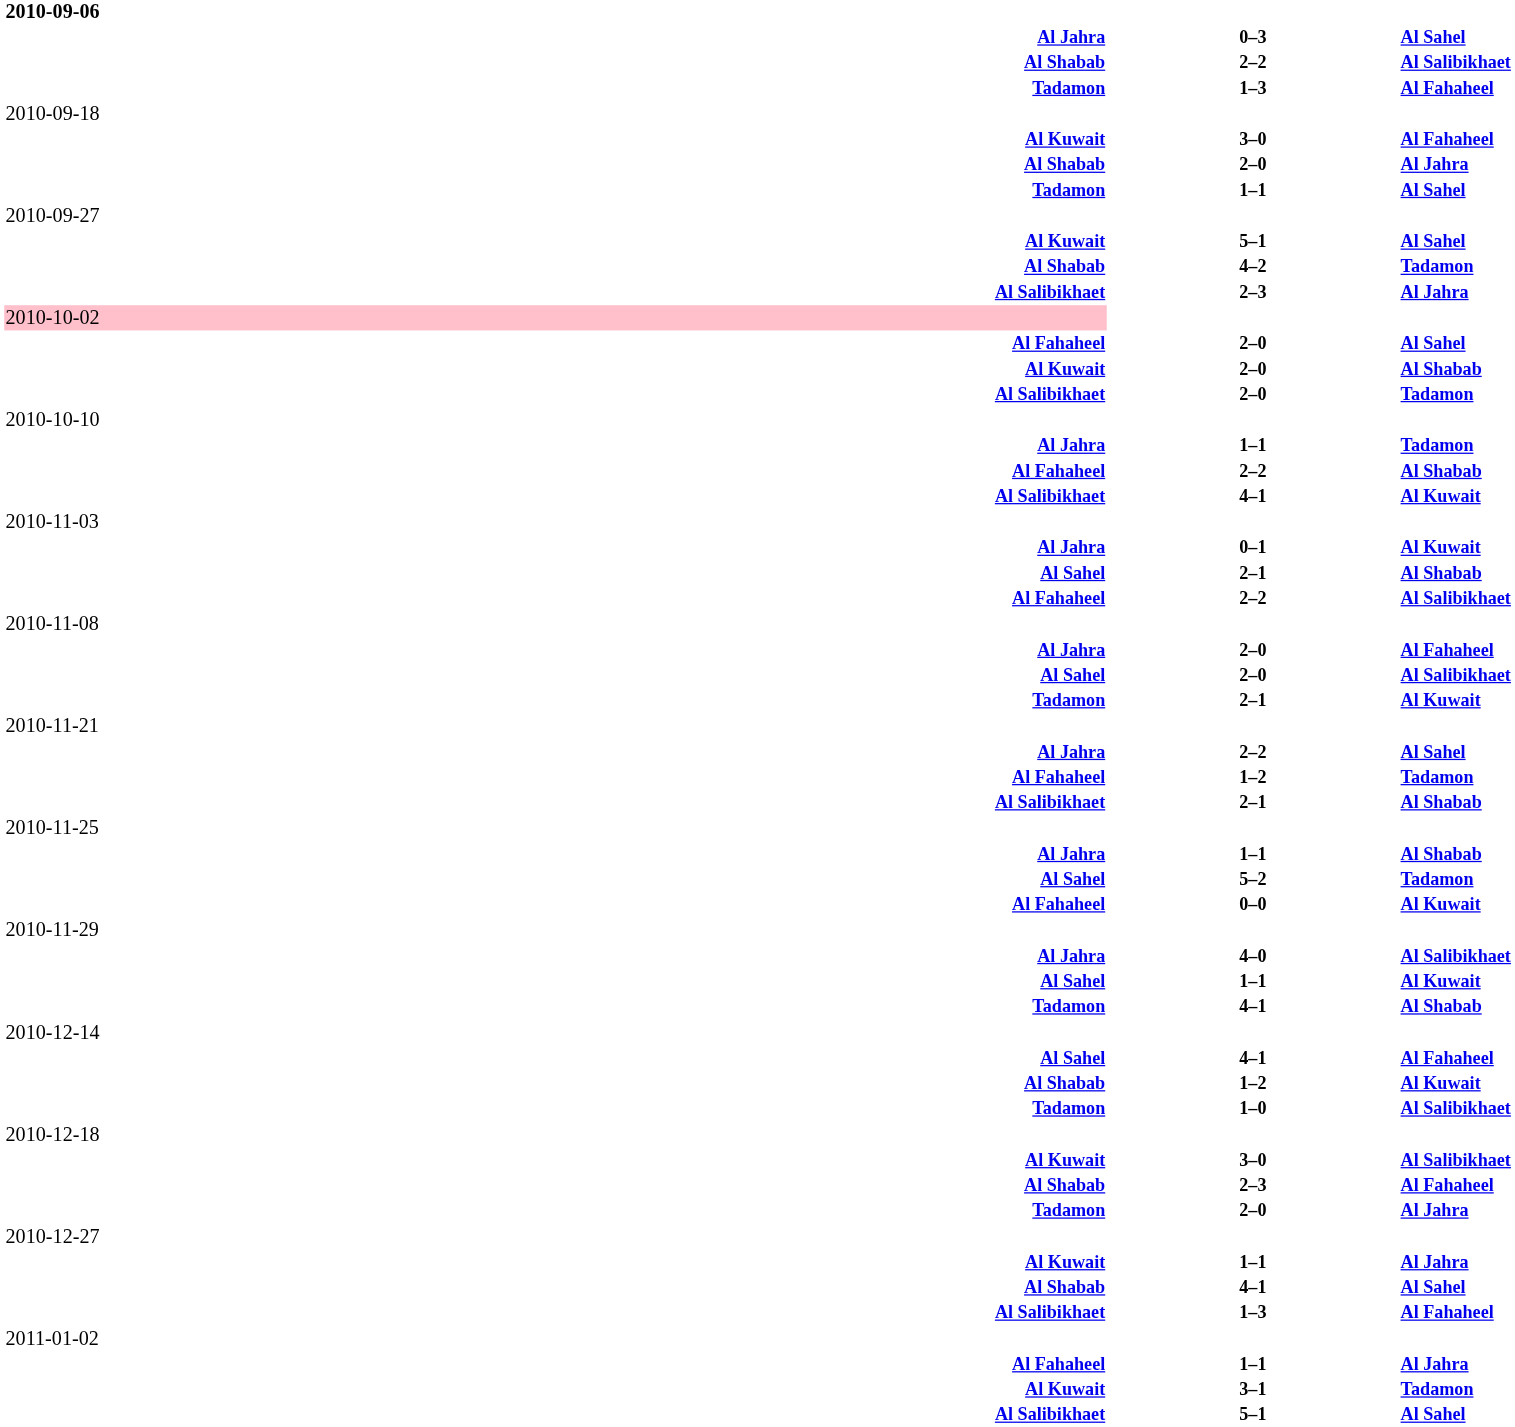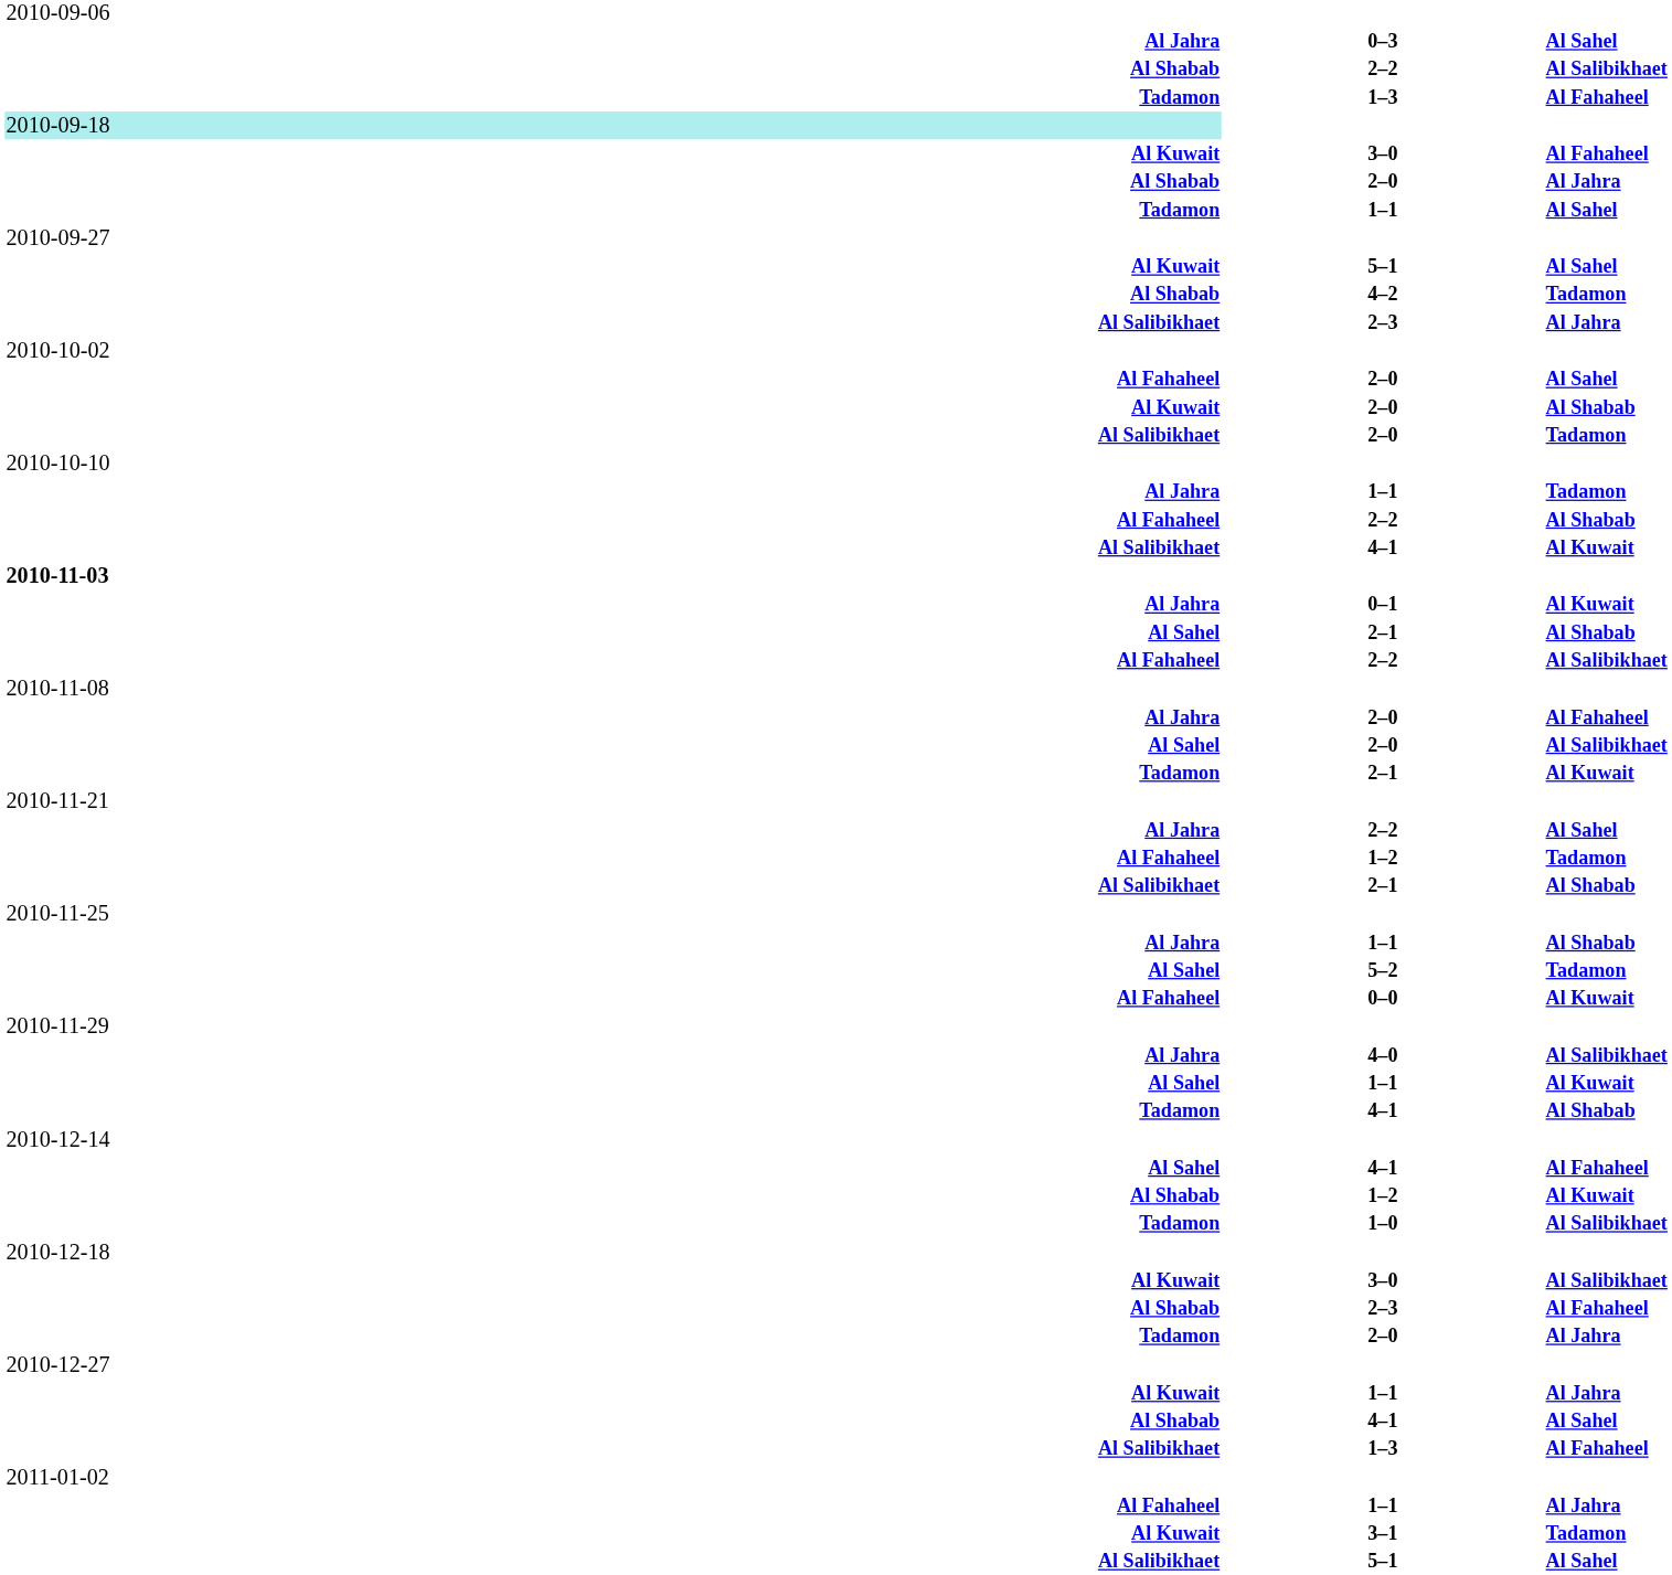 <table width=100% cellspacing=1>
 <tr>
 <th></th>
 <th></th>
 <th></th>
 </tr>
 <tr>
-<td><strong>2010-09-06</strong></td>
+<td>2010-09-06</td>
 </tr>
 <tr style=font-size:90%>
 <td align=right><strong><a href='#'>Al Jahra</a></strong></td>
 <td align=center><strong>0–3</strong></td>
 <td><strong><a href='#'>Al Sahel</a></strong></td>
 </tr>
 <tr style=font-size:90%>
 <td align=right><strong><a href='#'>Al Shabab</a></strong></td>
 <td align=center><strong>2–2</strong></td>
 <td><strong><a href='#'>Al Salibikhaet</a></strong></td>
 </tr>
 <tr style=font-size:90%>
 <td align=right><strong><a href='#'>Tadamon</a></strong></td>
 <td align=center><strong>1–3</strong></td>
 <td><strong><a href='#'>Al Fahaheel</a></strong></td>
 </tr>
 <tr>
-<td>2010-09-18</td>
+<td style="background: paleturquoise;">2010-09-18</td>
 </tr>
 <tr style=font-size:90%>
 <td align=right><strong><a href='#'>Al Kuwait</a></strong></td>
 <td align=center><strong>3–0</strong></td>
 <td><strong><a href='#'>Al Fahaheel</a></strong></td>
 </tr>
 <tr style=font-size:90%>
 <td align=right><strong><a href='#'>Al Shabab</a></strong></td>
 <td align=center><strong>2–0</strong></td>
 <td><strong><a href='#'>Al Jahra</a></strong></td>
 </tr>
 <tr style=font-size:90%>
 <td align=right><strong><a href='#'>Tadamon</a></strong></td>
 <td align=center><strong>1–1</strong></td>
 <td><strong><a href='#'>Al Sahel</a></strong></td>
 </tr>
 <tr>
 <td>2010-09-27</td>
 </tr>
 <tr style=font-size:90%>
 <td align=right><strong><a href='#'>Al Kuwait</a></strong></td>
 <td align=center><strong>5–1</strong></td>
 <td><strong><a href='#'>Al Sahel</a></strong></td>
 </tr>
 <tr style=font-size:90%>
 <td align=right><strong><a href='#'>Al Shabab</a></strong></td>
 <td align=center><strong>4–2</strong></td>
 <td><strong><a href='#'>Tadamon</a></strong></td>
 </tr>
 <tr style=font-size:90%>
 <td align=right><strong><a href='#'>Al Salibikhaet</a></strong></td>
 <td align=center><strong>2–3</strong></td>
 <td><strong><a href='#'>Al Jahra</a></strong></td>
 </tr>
 <tr>
-<td style="background: pink;">2010-10-02</td>
+<td>2010-10-02</td>
 </tr>
 <tr style=font-size:90%>
 <td align=right><strong><a href='#'>Al Fahaheel</a></strong></td>
 <td align=center><strong>2–0</strong></td>
 <td><strong><a href='#'>Al Sahel</a></strong></td>
 </tr>
 <tr style=font-size:90%>
 <td align=right><strong><a href='#'>Al Kuwait</a></strong></td>
 <td align=center><strong>2–0</strong></td>
 <td><strong><a href='#'>Al Shabab</a></strong></td>
 </tr>
 <tr style=font-size:90%>
 <td align=right><strong><a href='#'>Al Salibikhaet</a></strong></td>
 <td align=center><strong>2–0</strong></td>
 <td><strong><a href='#'>Tadamon</a></strong></td>
 </tr>
 <tr>
 <td>2010-10-10</td>
 </tr>
 <tr style=font-size:90%>
 <td align=right><strong><a href='#'>Al Jahra</a></strong></td>
 <td align=center><strong>1–1</strong></td>
 <td><strong><a href='#'>Tadamon</a></strong></td>
 </tr>
 <tr style=font-size:90%>
 <td align=right><strong><a href='#'>Al Fahaheel</a></strong></td>
 <td align=center><strong>2–2</strong></td>
 <td><strong><a href='#'>Al Shabab</a></strong></td>
 </tr>
 <tr style=font-size:90%>
 <td align=right><strong><a href='#'>Al Salibikhaet</a></strong></td>
 <td align=center><strong>4–1</strong></td>
 <td><strong><a href='#'>Al Kuwait</a></strong></td>
 </tr>
 <tr>
-<td>2010-11-03</td>
+<td><strong>2010-11-03</strong></td>
 </tr>
 <tr style=font-size:90%>
 <td align=right><strong><a href='#'>Al Jahra</a></strong></td>
 <td align=center><strong>0–1</strong></td>
 <td><strong><a href='#'>Al Kuwait</a></strong></td>
 </tr>
 <tr style=font-size:90%>
 <td align=right><strong><a href='#'>Al Sahel</a></strong></td>
 <td align=center><strong>2–1</strong></td>
 <td><strong><a href='#'>Al Shabab</a></strong></td>
 </tr>
 <tr style=font-size:90%>
 <td align=right><strong><a href='#'>Al Fahaheel</a></strong></td>
 <td align=center><strong>2–2</strong></td>
 <td><strong><a href='#'>Al Salibikhaet</a></strong></td>
 </tr>
 <tr>
 <td>2010-11-08</td>
 </tr>
 <tr style=font-size:90%>
 <td align=right><strong><a href='#'>Al Jahra</a></strong></td>
 <td align=center><strong>2–0</strong></td>
 <td><strong><a href='#'>Al Fahaheel</a></strong></td>
 </tr>
 <tr style=font-size:90%>
 <td align=right><strong><a href='#'>Al Sahel</a></strong></td>
 <td align=center><strong>2–0</strong></td>
 <td><strong><a href='#'>Al Salibikhaet</a></strong></td>
 </tr>
 <tr style=font-size:90%>
 <td align=right><strong><a href='#'>Tadamon</a></strong></td>
 <td align=center><strong>2–1</strong></td>
 <td><strong><a href='#'>Al Kuwait</a></strong></td>
 </tr>
 <tr>
 <td>2010-11-21</td>
 </tr>
 <tr style=font-size:90%>
 <td align=right><strong><a href='#'>Al Jahra</a></strong></td>
 <td align=center><strong>2–2</strong></td>
 <td><strong><a href='#'>Al Sahel</a></strong></td>
 </tr>
 <tr style=font-size:90%>
 <td align=right><strong><a href='#'>Al Fahaheel</a></strong></td>
 <td align=center><strong>1–2</strong></td>
 <td><strong><a href='#'>Tadamon</a></strong></td>
 </tr>
 <tr style=font-size:90%>
 <td align=right><strong><a href='#'>Al Salibikhaet</a></strong></td>
 <td align=center><strong>2–1</strong></td>
 <td><strong><a href='#'>Al Shabab</a></strong></td>
 </tr>
 <tr>
 <td>2010-11-25</td>
 </tr>
 <tr style=font-size:90%>
 <td align=right><strong><a href='#'>Al Jahra</a></strong></td>
 <td align=center><strong>1–1</strong></td>
 <td><strong><a href='#'>Al Shabab</a></strong></td>
 </tr>
 <tr style=font-size:90%>
 <td align=right><strong><a href='#'>Al Sahel</a></strong></td>
 <td align=center><strong>5–2</strong></td>
 <td><strong><a href='#'>Tadamon</a></strong></td>
 </tr>
 <tr style=font-size:90%>
 <td align=right><strong><a href='#'>Al Fahaheel</a></strong></td>
 <td align=center><strong>0–0</strong></td>
 <td><strong><a href='#'>Al Kuwait</a></strong></td>
 </tr>
 <tr>
 <td>2010-11-29</td>
 </tr>
 <tr style=font-size:90%>
 <td align=right><strong><a href='#'>Al Jahra</a></strong></td>
 <td align=center><strong>4–0</strong></td>
 <td><strong><a href='#'>Al Salibikhaet</a></strong></td>
 </tr>
 <tr style=font-size:90%>
 <td align=right><strong><a href='#'>Al Sahel</a></strong></td>
 <td align=center><strong>1–1</strong></td>
 <td><strong><a href='#'>Al Kuwait</a></strong></td>
 </tr>
 <tr style=font-size:90%>
 <td align=right><strong><a href='#'>Tadamon</a></strong></td>
 <td align=center><strong>4–1</strong></td>
 <td><strong><a href='#'>Al Shabab</a></strong></td>
 </tr>
 <tr>
 <td>2010-12-14</td>
 </tr>
 <tr style=font-size:90%>
 <td align=right><strong><a href='#'>Al Sahel</a></strong></td>
 <td align=center><strong>4–1</strong></td>
 <td><strong><a href='#'>Al Fahaheel</a></strong></td>
 </tr>
 <tr style=font-size:90%>
 <td align=right><strong><a href='#'>Al Shabab</a></strong></td>
 <td align=center><strong>1–2</strong></td>
 <td><strong><a href='#'>Al Kuwait</a></strong></td>
 </tr>
 <tr style=font-size:90%>
 <td align=right><strong><a href='#'>Tadamon</a></strong></td>
 <td align=center><strong>1–0</strong></td>
 <td><strong><a href='#'>Al Salibikhaet</a></strong></td>
 </tr>
 <tr>
 <td>2010-12-18</td>
 </tr>
 <tr style=font-size:90%>
 <td align=right><strong><a href='#'>Al Kuwait</a></strong></td>
 <td align=center><strong>3–0</strong></td>
 <td><strong><a href='#'>Al Salibikhaet</a></strong></td>
 </tr>
 <tr style=font-size:90%>
 <td align=right><strong><a href='#'>Al Shabab</a></strong></td>
 <td align=center><strong>2–3</strong></td>
 <td><strong><a href='#'>Al Fahaheel</a></strong></td>
 </tr>
 <tr style=font-size:90%>
 <td align=right><strong><a href='#'>Tadamon</a></strong></td>
 <td align=center><strong>2–0</strong></td>
 <td><strong><a href='#'>Al Jahra</a></strong></td>
 </tr>
 <tr>
 <td>2010-12-27</td>
 </tr>
 <tr style=font-size:90%>
 <td align=right><strong><a href='#'>Al Kuwait</a></strong></td>
 <td align=center><strong>1–1</strong></td>
 <td><strong><a href='#'>Al Jahra</a></strong></td>
 </tr>
 <tr style=font-size:90%>
 <td align=right><strong><a href='#'>Al Shabab</a></strong></td>
 <td align=center><strong>4–1</strong></td>
 <td><strong><a href='#'>Al Sahel</a></strong></td>
 </tr>
 <tr style=font-size:90%>
 <td align=right><strong><a href='#'>Al Salibikhaet</a></strong></td>
 <td align=center><strong>1–3</strong></td>
 <td><strong><a href='#'>Al Fahaheel</a></strong></td>
 </tr>
 <tr>
 <td>2011-01-02</td>
 </tr>
 <tr style=font-size:90%>
 <td align=right><strong><a href='#'>Al Fahaheel</a></strong></td>
 <td align=center><strong>1–1</strong></td>
 <td><strong><a href='#'>Al Jahra</a></strong></td>
 </tr>
 <tr style=font-size:90%>
 <td align=right><strong><a href='#'>Al Kuwait</a></strong></td>
 <td align=center><strong>3–1</strong></td>
 <td><strong><a href='#'>Tadamon</a></strong></td>
 </tr>
 <tr style=font-size:90%>
 <td align=right><strong><a href='#'>Al Salibikhaet</a></strong></td>
 <td align=center><strong>5–1</strong></td>
 <td><strong><a href='#'>Al Sahel</a></strong></td>
 </tr>
 </table>
